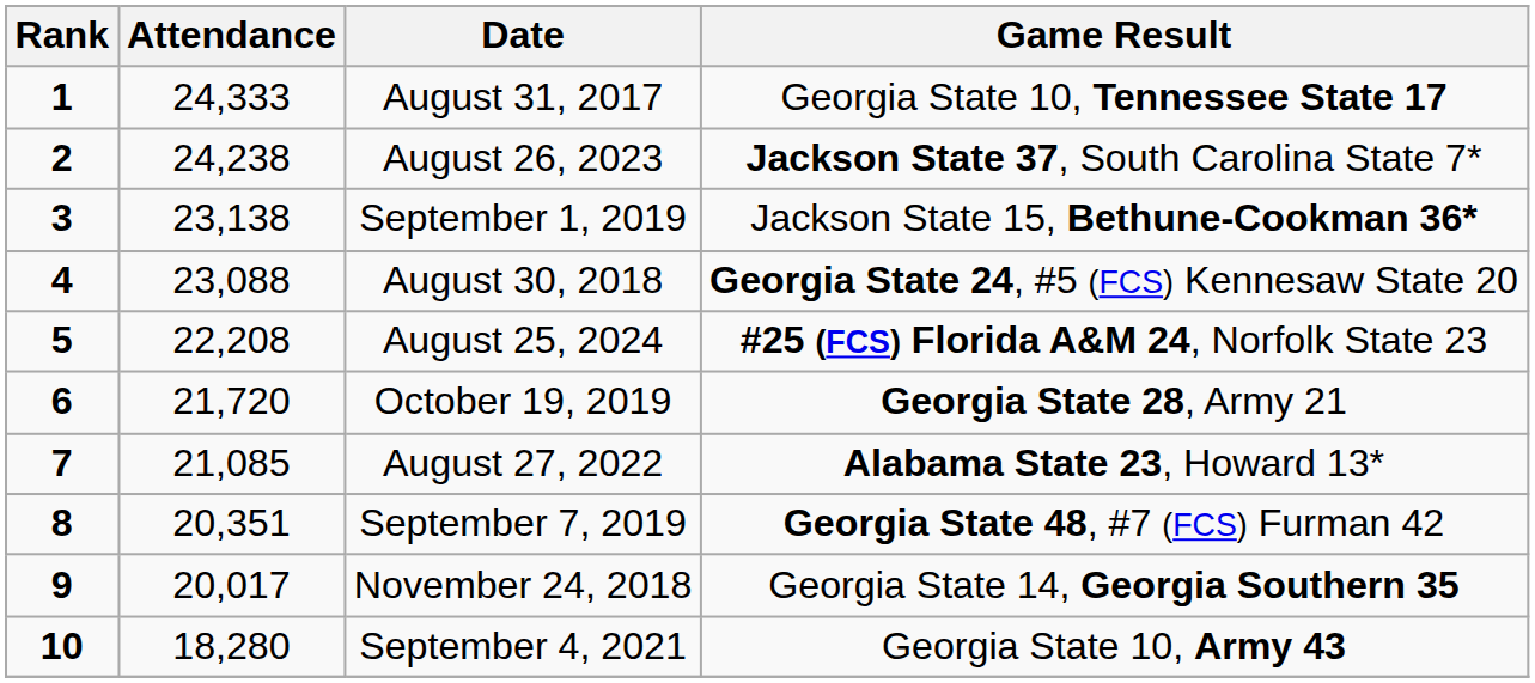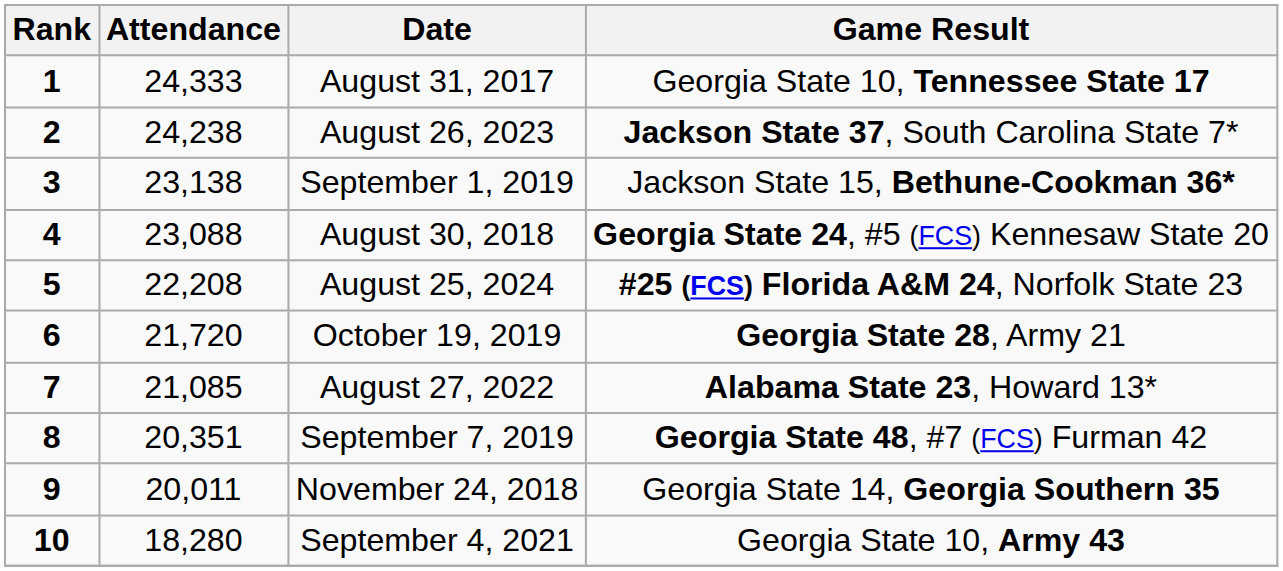 <table class="wikitable">
 <tr>
 <th>Rank</th>
 <th>Attendance</th>
 <th>Date</th>
 <th>Game Result</th>
 </tr>
 <tr align="center">
 <td><strong>1</strong></td>
 <td>24,333</td>
 <td>August 31, 2017</td>
 <td>Georgia State 10, <strong>Tennessee State 17</strong></td>
 </tr>
 <tr align="center">
 <td><strong>2</strong></td>
 <td>24,238</td>
 <td>August 26, 2023</td>
 <td><strong>Jackson State 37</strong>, South Carolina State 7*</td>
 </tr>
 <tr align="center">
 <td><strong>3</strong></td>
 <td>23,138</td>
 <td>September 1, 2019</td>
 <td>Jackson State 15, <strong>Bethune-Cookman 36*</strong></td>
 </tr>
 <tr align="center">
 <td><strong>4</strong></td>
 <td>23,088</td>
 <td>August 30, 2018</td>
 <td><strong>Georgia State 24</strong>, #5 <small>(<a href='#'>FCS</a>)</small> Kennesaw State 20</td>
 </tr>
 <tr align="center">
 <td><strong>5</strong></td>
 <td>22,208</td>
 <td>August 25, 2024</td>
 <td><strong> #25 <small>(<a href='#'>FCS</a>)</small> Florida A&M 24</strong>, Norfolk State 23</td>
 </tr>
 <tr align="center">
 <td><strong>6</strong></td>
 <td>21,720</td>
 <td>October 19, 2019</td>
 <td><strong>Georgia State 28</strong>, Army 21</td>
 </tr>
 <tr align="center">
 <td><strong>7</strong></td>
 <td>21,085</td>
 <td>August 27, 2022</td>
 <td><strong>Alabama State 23</strong>, Howard 13*</td>
 </tr>
 <tr align="center">
 <td><strong>8</strong></td>
 <td>20,351</td>
 <td>September 7, 2019</td>
 <td><strong>Georgia State 48</strong>, #7 <small>(<a href='#'>FCS</a>)</small> Furman 42</td>
 </tr>
 <tr align="center">
 <td><strong>9</strong></td>
-<td>20,017</td>
+<td>20,011</td>
 <td>November 24, 2018</td>
 <td>Georgia State 14, <strong>Georgia Southern 35</strong></td>
 </tr>
 <tr align="center">
 <td><strong>10</strong></td>
 <td>18,280</td>
 <td>September 4, 2021</td>
 <td>Georgia State 10, <strong>Army 43</strong></td>
 </tr>
 <tr align="center">
 </tr>
 </table>
